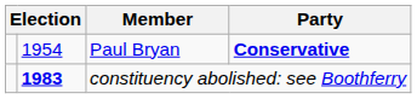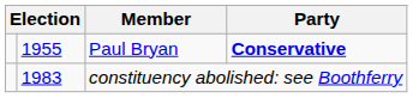 <table class="wikitable">
 <tr>
 <th colspan="2">Election</th>
 <th>Member</th>
 <th>Party</th>
 </tr>
 <tr>
 <td style="color:inherit;background-color:"></td>
-<td><a href='#'>1954</a></td>
+<td><a href='#'>1955</a></td>
 <td><a href='#'>Paul Bryan</a></td>
 <td><strong><a href='#'>Conservative</a></strong></td>
 </tr>
 <tr>
 <td></td>
-<td><strong><a href='#'>1983</a></strong></td>
+<td><a href='#'>1983</a></td>
 <td colspan="2"><em>constituency abolished: see <a href='#'>Boothferry</a></em></td>
 </tr>
 </table>
